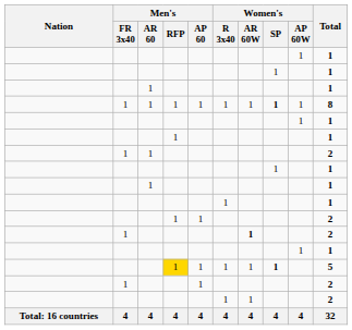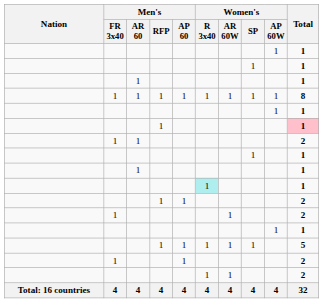 <table class="wikitable" width=500 style="text-align:center; font-size:90%">
 <tr>
 <th rowspan="2" align="left">Nation</th>
 <th colspan="4">Men's</th>
 <th colspan="4">Women's</th>
 <th rowspan="2">Total</th>
 </tr>
 <tr style="font-size:95%">
 <th width=30>FR 3x40</th>
 <th width=30>AR 60</th>
 <th width=30>RFP</th>
 <th width=30>AP 60</th>
 <th width=30>R 3x40</th>
 <th width=30>AR 60W</th>
 <th width=30>SP</th>
 <th width=30>AP 60W</th>
 </tr>
 <tr>
 <td align=left></td>
 <td></td>
 <td></td>
 <td></td>
 <td></td>
 <td></td>
 <td></td>
 <td></td>
 <td>1</td>
 <td><strong>1</strong></td>
 </tr>
 <tr>
 <td align=left></td>
 <td></td>
 <td></td>
 <td></td>
 <td></td>
 <td></td>
 <td></td>
 <td>1</td>
 <td></td>
 <td><strong>1</strong></td>
 </tr>
 <tr>
 <td align=left></td>
 <td></td>
 <td>1</td>
 <td></td>
 <td></td>
 <td></td>
 <td></td>
 <td></td>
 <td></td>
 <td><strong>1</strong></td>
 </tr>
 <tr>
 <td align=left></td>
 <td>1</td>
 <td>1</td>
 <td>1</td>
 <td>1</td>
 <td>1</td>
 <td>1</td>
-<td><strong>1</strong></td>
+<td>1</td>
 <td>1</td>
 <td><strong>8</strong></td>
 </tr>
 <tr>
 <td align=left></td>
 <td></td>
 <td></td>
 <td></td>
 <td></td>
 <td></td>
 <td></td>
 <td></td>
 <td>1</td>
 <td><strong>1</strong></td>
 </tr>
 <tr>
 <td align=left></td>
 <td></td>
 <td></td>
 <td>1</td>
 <td></td>
 <td></td>
 <td></td>
 <td></td>
 <td></td>
-<td><strong>1</strong></td>
+<td style="background: pink;"><strong>1</strong></td>
 </tr>
 <tr>
 <td align=left></td>
 <td>1</td>
 <td>1</td>
 <td></td>
 <td></td>
 <td></td>
 <td></td>
 <td></td>
 <td></td>
 <td><strong>2</strong></td>
 </tr>
 <tr>
 <td align=left></td>
 <td></td>
 <td></td>
 <td></td>
 <td></td>
 <td></td>
 <td></td>
 <td>1</td>
 <td></td>
 <td><strong>1</strong></td>
 </tr>
 <tr>
 <td align=left></td>
 <td></td>
 <td>1</td>
 <td></td>
 <td></td>
 <td></td>
 <td></td>
 <td></td>
 <td></td>
 <td><strong>1</strong></td>
 </tr>
 <tr>
 <td align=left></td>
 <td></td>
 <td></td>
 <td></td>
 <td></td>
-<td>1</td>
+<td style="background: paleturquoise;">1</td>
 <td></td>
 <td></td>
 <td></td>
 <td><strong>1</strong></td>
 </tr>
 <tr>
 <td align=left></td>
 <td></td>
 <td></td>
 <td>1</td>
 <td>1</td>
 <td></td>
 <td></td>
 <td></td>
 <td></td>
 <td><strong>2</strong></td>
 </tr>
 <tr>
 <td align=left></td>
 <td>1</td>
 <td></td>
 <td></td>
 <td></td>
 <td></td>
-<td><strong>1</strong></td>
+<td>1</td>
 <td></td>
 <td></td>
 <td><strong>2</strong></td>
 </tr>
 <tr>
 <td align=left></td>
 <td></td>
 <td></td>
 <td></td>
 <td></td>
 <td></td>
 <td></td>
 <td></td>
 <td>1</td>
 <td><strong>1</strong></td>
 </tr>
 <tr>
 <td align=left></td>
 <td></td>
 <td></td>
-<td style="background: gold;">1</td>
 <td>1</td>
 <td>1</td>
 <td>1</td>
-<td><strong>1</strong></td>
+<td>1</td>
+<td>1</td>
 <td></td>
 <td><strong>5</strong></td>
 </tr>
 <tr>
 <td align=left></td>
 <td>1</td>
 <td></td>
 <td></td>
 <td>1</td>
 <td></td>
 <td></td>
 <td></td>
 <td></td>
 <td><strong>2</strong></td>
 </tr>
 <tr>
 <td align=left></td>
 <td></td>
 <td></td>
 <td></td>
 <td></td>
 <td>1</td>
 <td>1</td>
 <td></td>
 <td></td>
 <td><strong>2</strong></td>
 </tr>
 <tr>
 <th>Total: 16 countries</th>
 <th>4</th>
 <th>4</th>
 <th>4</th>
 <th>4</th>
 <th>4</th>
 <th>4</th>
 <th>4</th>
 <th>4</th>
 <th>32</th>
 </tr>
 </table>
